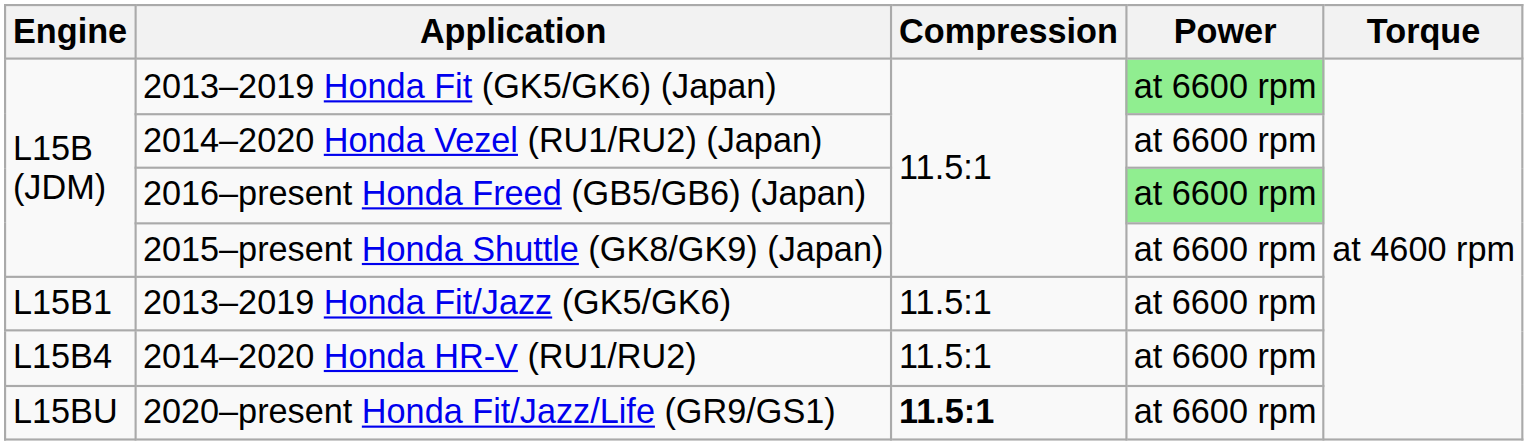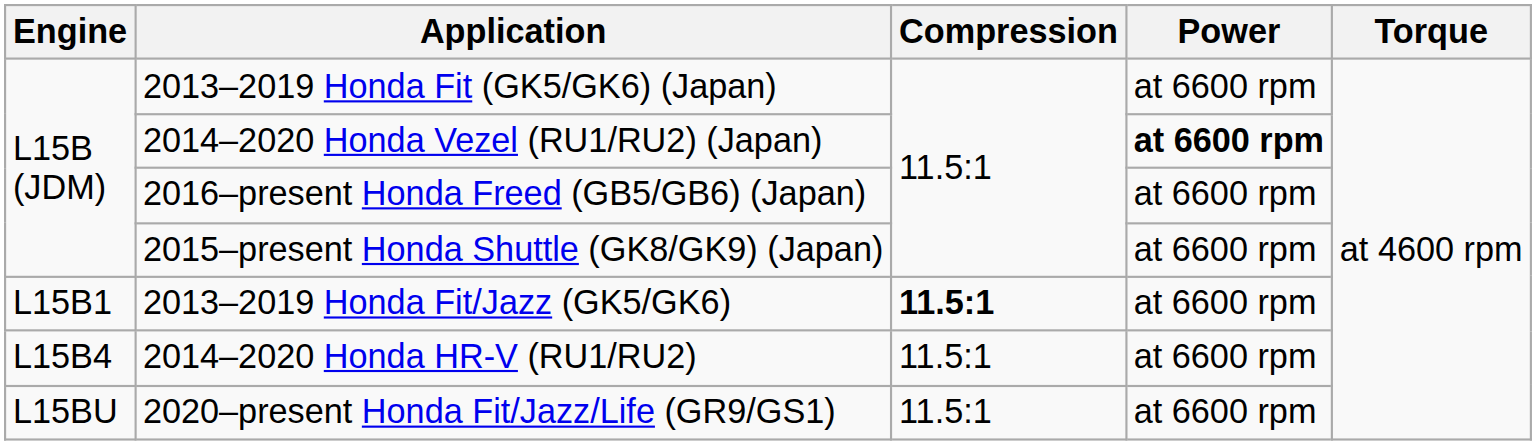 <table class="wikitable">
 <tr>
 <th>Engine</th>
 <th>Application</th>
 <th>Compression</th>
 <th>Power</th>
 <th>Torque</th>
 </tr>
 <tr>
 <td rowspan="4">L15B<br>(JDM)</td>
 <td>2013–2019 <a href='#'>Honda Fit</a> (GK5/GK6) (Japan)</td>
 <td rowspan="4">11.5:1</td>
-<td style="background: lightgreen;"> at 6600 rpm</td>
+<td> at 6600 rpm</td>
 <td rowspan="7"> at 4600 rpm</td>
 </tr>
 <tr>
 <td>2014–2020 <a href='#'>Honda Vezel</a> (RU1/RU2) (Japan)</td>
-<td> at 6600 rpm</td>
+<td><strong> at 6600 rpm</strong></td>
 </tr>
 <tr>
 <td>2016–present <a href='#'>Honda Freed</a> (GB5/GB6) (Japan)</td>
-<td style="background: lightgreen;"> at 6600 rpm</td>
+<td> at 6600 rpm</td>
 </tr>
 <tr>
 <td>2015–present <a href='#'>Honda Shuttle</a> (GK8/GK9) (Japan)</td>
 <td> at 6600 rpm</td>
 </tr>
 <tr>
 <td>L15B1</td>
 <td>2013–2019 <a href='#'>Honda Fit/Jazz</a> (GK5/GK6)</td>
-<td>11.5:1</td>
+<td><strong>11.5:1</strong></td>
 <td> at 6600 rpm</td>
 </tr>
 <tr>
 <td>L15B4</td>
 <td>2014–2020 <a href='#'>Honda HR-V</a> (RU1/RU2)</td>
 <td>11.5:1</td>
 <td> at 6600 rpm</td>
 </tr>
 <tr>
 <td>L15BU</td>
 <td>2020–present <a href='#'>Honda Fit/Jazz/Life</a> (GR9/GS1)</td>
-<td><strong>11.5:1</strong></td>
+<td>11.5:1</td>
 <td> at 6600 rpm</td>
 </tr>
 </table>
